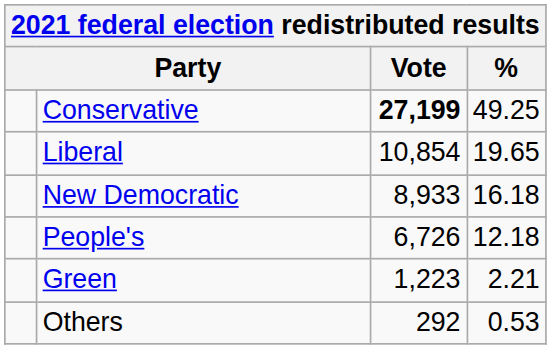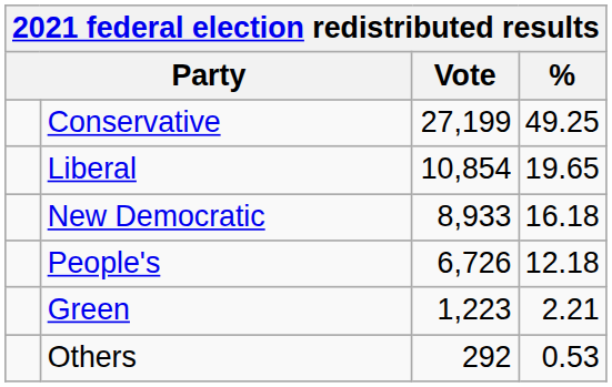 <table class="wikitable">
 <tr>
 <th colspan="4"><a href='#'>2021 federal election</a> redistributed results</th>
 </tr>
 <tr>
 <th bgcolor="#DDDDFF" width="130px" colspan="2">Party</th>
 <th bgcolor="#DDDDFF" width="50px">Vote</th>
 <th bgcolor="#DDDDFF" width="30px">%</th>
 </tr>
 <tr>
 <td> </td>
 <td><a href='#'>Conservative</a></td>
-<td align=right><strong>27,199</strong></td>
+<td align=right>27,199</td>
 <td align=right>49.25</td>
 </tr>
 <tr>
 <td> </td>
 <td><a href='#'>Liberal</a></td>
 <td align=right>10,854</td>
 <td align=right>19.65</td>
 </tr>
 <tr>
 <td> </td>
 <td><a href='#'>New Democratic</a></td>
 <td align=right>8,933</td>
 <td align=right>16.18</td>
 </tr>
 <tr>
 <td> </td>
 <td><a href='#'>People's</a></td>
 <td align=right>6,726</td>
 <td align=right>12.18</td>
 </tr>
 <tr>
 <td> </td>
 <td><a href='#'>Green</a></td>
 <td align=right>1,223</td>
 <td align=right>2.21</td>
 </tr>
 <tr>
 <td> </td>
 <td>Others</td>
 <td align=right>292</td>
 <td align=right>0.53</td>
 </tr>
 </table>
